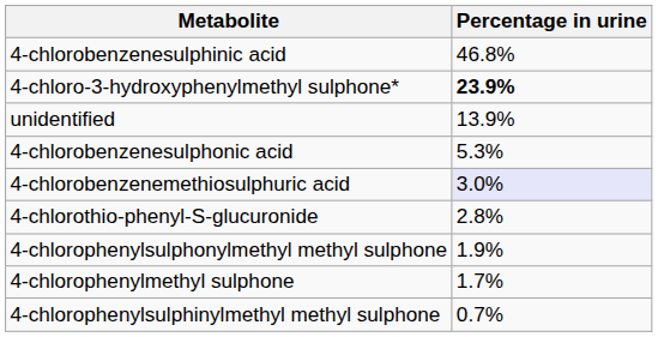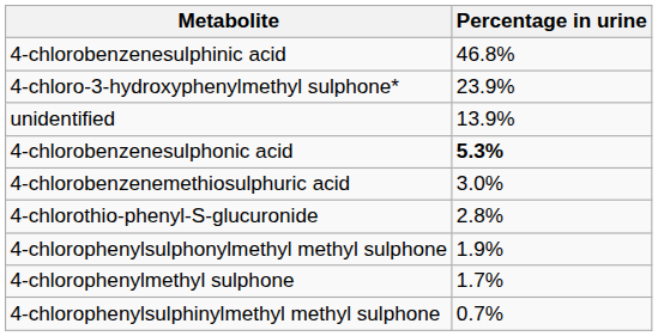 <table class="wikitable">
 <tr>
 <th>Metabolite</th>
 <th>Percentage in urine</th>
 </tr>
 <tr>
 <td>4-chlorobenzenesulphinic acid</td>
 <td>46.8%</td>
 </tr>
 <tr>
 <td>4-chloro-3-hydroxyphenylmethyl sulphone*</td>
-<td><strong>23.9%</strong></td>
+<td>23.9%</td>
 </tr>
 <tr>
 <td>unidentified</td>
 <td>13.9%</td>
 </tr>
 <tr>
 <td>4-chlorobenzenesulphonic acid</td>
-<td>5.3%</td>
+<td><strong>5.3%</strong></td>
 </tr>
 <tr>
 <td>4-chlorobenzenemethiosulphuric acid</td>
-<td style="background: lavender;">3.0%</td>
+<td>3.0%</td>
 </tr>
 <tr>
 <td>4-chlorothio-phenyl-S-glucuronide</td>
 <td>2.8%</td>
 </tr>
 <tr>
 <td>4-chlorophenylsulphonylmethyl methyl sulphone</td>
 <td>1.9%</td>
 </tr>
 <tr>
 <td>4-chlorophenylmethyl sulphone</td>
 <td>1.7%</td>
 </tr>
 <tr>
 <td>4-chlorophenylsulphinylmethyl methyl sulphone</td>
 <td>0.7%</td>
 </tr>
 </table>
